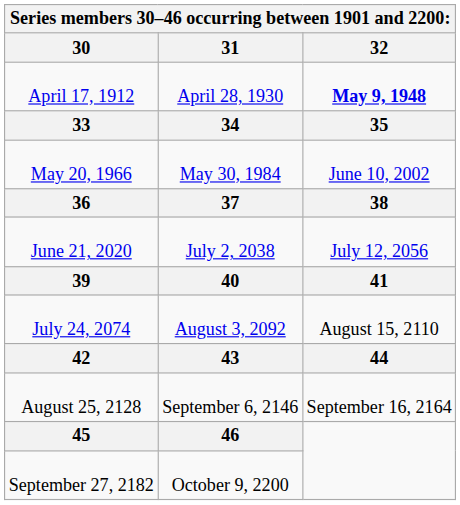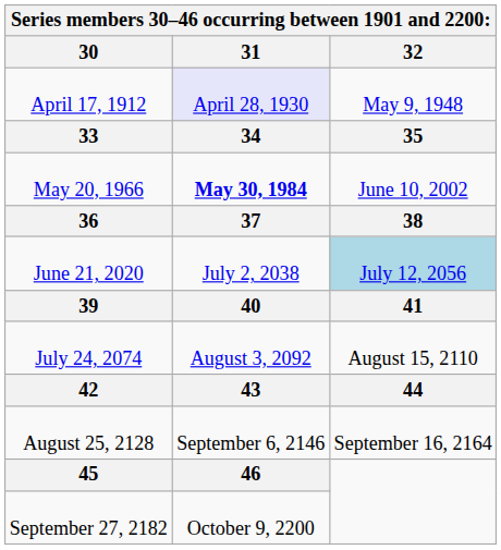 <table class="wikitable collapsible">
 <tr>
 <th colspan=3>Series members 30–46 occurring between 1901 and 2200:</th>
 </tr>
 <tr>
 <th>30</th>
 <th>31</th>
 <th>32</th>
 </tr>
 <tr style="text-align:center;">
 <td><br><a href='#'>April 17, 1912</a></td>
-<td><br><a href='#'>April 28, 1930</a></td>
-<td><strong><br><a href='#'>May 9, 1948</a></strong></td>
+<td style="background: lavender;"><br><a href='#'>April 28, 1930</a></td>
+<td><br><a href='#'>May 9, 1948</a></td>
 </tr>
 <tr>
 <th>33</th>
 <th>34</th>
 <th>35</th>
 </tr>
 <tr style="text-align:center;">
 <td><br><a href='#'>May 20, 1966</a></td>
-<td><br><a href='#'>May 30, 1984</a></td>
+<td><strong><br><a href='#'>May 30, 1984</a></strong></td>
 <td><br><a href='#'>June 10, 2002</a></td>
 </tr>
 <tr>
 <th>36</th>
 <th>37</th>
 <th>38</th>
 </tr>
 <tr style="text-align:center;">
 <td><br><a href='#'>June 21, 2020</a></td>
 <td><br><a href='#'>July 2, 2038</a></td>
-<td><br><a href='#'>July 12, 2056</a></td>
+<td style="background: lightblue;"><br><a href='#'>July 12, 2056</a></td>
 </tr>
 <tr>
 <th>39</th>
 <th>40</th>
 <th>41</th>
 </tr>
 <tr style="text-align:center;">
 <td><br><a href='#'>July 24, 2074</a></td>
 <td><br><a href='#'>August 3, 2092</a></td>
 <td><br>August 15, 2110</td>
 </tr>
 <tr>
 <th>42</th>
 <th>43</th>
 <th>44</th>
 </tr>
 <tr style="text-align:center;">
 <td><br>August 25, 2128</td>
 <td><br>September 6, 2146</td>
 <td><br>September 16, 2164</td>
 </tr>
 <tr>
 <th>45</th>
 <th>46</th>
 </tr>
 <tr style="text-align:center;">
 <td><br>September 27, 2182</td>
 <td><br>October 9, 2200</td>
 </tr>
 </table>
